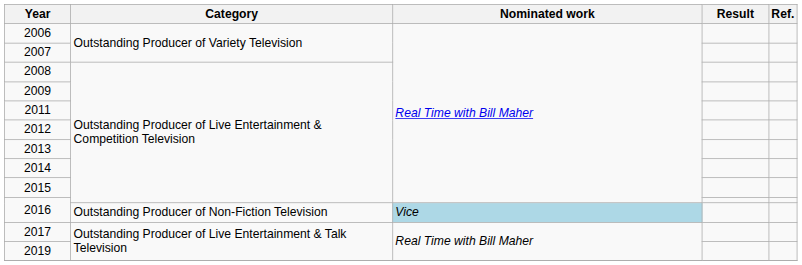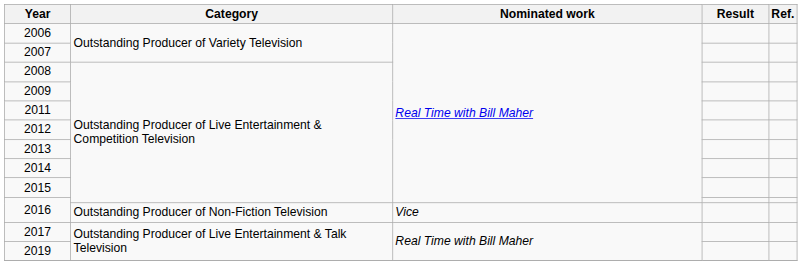 <table class=wikitable>
 <tr>
 <th scope="col" style="width:5em;">Year</th>
 <th scope="col" style="width:26em;">Category</th>
 <th scope="col" style="width:25em;">Nominated work</th>
 <th scope="col" style="width:5em;">Result</th>
 <th>Ref.</th>
 </tr>
 <tr>
 <td style="text-align:center;">2006</td>
 <td rowspan=2>Outstanding Producer of Variety Television</td>
 <td rowspan=10><em><a href='#'>Real Time with Bill Maher</a></em></td>
 <td></td>
 <td></td>
 </tr>
 <tr>
 <td style="text-align:center;">2007</td>
 <td></td>
 <td></td>
 </tr>
 <tr>
 <td style="text-align:center;">2008</td>
 <td rowspan=8>Outstanding Producer of Live Entertainment & Competition Television</td>
 <td></td>
 <td></td>
 </tr>
 <tr>
 <td style="text-align:center;">2009</td>
 <td></td>
 <td></td>
 </tr>
 <tr>
 <td style="text-align:center;">2011</td>
 <td></td>
 <td></td>
 </tr>
 <tr>
 <td style="text-align:center;">2012</td>
 <td></td>
 <td></td>
 </tr>
 <tr>
 <td style="text-align:center;">2013</td>
 <td></td>
 <td></td>
 </tr>
 <tr>
 <td style="text-align:center;">2014</td>
 <td></td>
 <td></td>
 </tr>
 <tr>
 <td style="text-align:center;">2015</td>
 <td></td>
 <td></td>
 </tr>
 <tr>
 <td style="text-align:center;", rowspan=2>2016</td>
 <td></td>
 <td></td>
 </tr>
 <tr>
 <td>Outstanding Producer of Non-Fiction Television</td>
-<td style="background: lightblue;"><em>Vice</em></td>
+<td><em>Vice</em></td>
 <td></td>
 <td></td>
 </tr>
 <tr>
 <td style="text-align:center;">2017</td>
 <td rowspan=2>Outstanding Producer of Live Entertainment & Talk Television</td>
 <td rowspan=2><em>Real Time with Bill Maher</em></td>
 <td></td>
 <td></td>
 </tr>
 <tr>
 <td style="text-align:center;">2019</td>
 <td></td>
 <td></td>
 </tr>
 <tr>
 </tr>
 </table>
